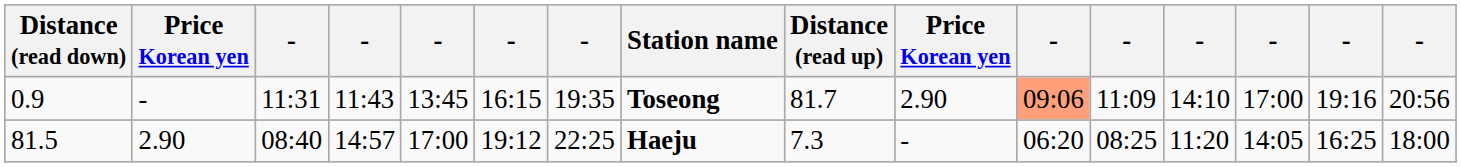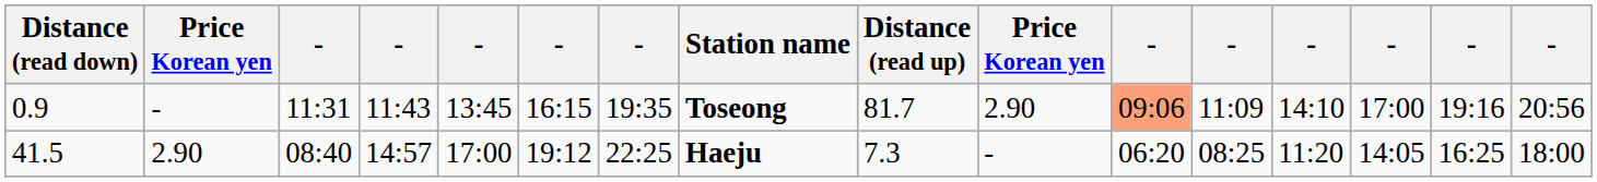 <table class="wikitable">
 <tr>
 <th>Distance<br><small>(read down)</small></th>
 <th>Price<br><small><a href='#'>Korean yen</a></small></th>
 <th><strong>-</strong></th>
 <th><strong>-</strong></th>
 <th><strong>-</strong></th>
 <th><strong>-</strong></th>
 <th><strong>-</strong></th>
 <th>Station name</th>
 <th>Distance<br><small>(read up)</small></th>
 <th>Price<br><small><a href='#'>Korean yen</a></small></th>
 <th><strong>-</strong></th>
 <th><strong>-</strong></th>
 <th><strong>-</strong></th>
 <th><strong>-</strong></th>
 <th><strong>-</strong></th>
 <th><strong>-</strong></th>
 </tr>
 <tr>
 <td>0.9</td>
 <td>-</td>
 <td>11:31</td>
 <td>11:43</td>
 <td>13:45</td>
 <td>16:15</td>
 <td>19:35</td>
 <td><strong>Toseong</strong></td>
 <td>81.7</td>
 <td>2.90</td>
 <td style="background: lightsalmon;">09:06</td>
 <td>11:09</td>
 <td>14:10</td>
 <td>17:00</td>
 <td>19:16</td>
 <td>20:56</td>
 </tr>
 <tr>
-<td>81.5</td>
+<td>41.5</td>
 <td>2.90</td>
 <td>08:40</td>
 <td>14:57</td>
 <td>17:00</td>
 <td>19:12</td>
 <td>22:25</td>
 <td><strong>Haeju</strong></td>
 <td>7.3</td>
 <td>-</td>
 <td>06:20</td>
 <td>08:25</td>
 <td>11:20</td>
 <td>14:05</td>
 <td>16:25</td>
 <td>18:00</td>
 </tr>
 </table>
